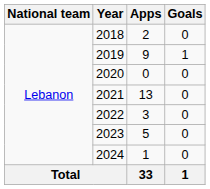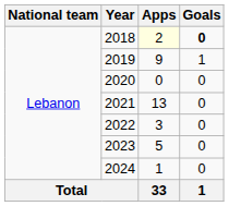 <table class="wikitable" style="text-align:center">
 <tr>
 <th>National team</th>
 <th>Year</th>
 <th>Apps</th>
 <th>Goals</th>
 </tr>
 <tr>
 <td rowspan="7"><a href='#'>Lebanon</a></td>
 <td>2018</td>
-<td>2</td>
-<td>0</td>
+<td style="background: lightyellow;">2</td>
+<td><strong>0</strong></td>
 </tr>
 <tr>
 <td>2019</td>
 <td>9</td>
 <td>1</td>
 </tr>
 <tr>
 <td>2020</td>
 <td>0</td>
 <td>0</td>
 </tr>
 <tr>
 <td>2021</td>
 <td>13</td>
 <td>0</td>
 </tr>
 <tr>
 <td>2022</td>
 <td>3</td>
 <td>0</td>
 </tr>
 <tr>
 <td>2023</td>
 <td>5</td>
 <td>0</td>
 </tr>
 <tr>
 <td>2024</td>
 <td>1</td>
 <td>0</td>
 </tr>
 <tr>
 <th colspan="2">Total</th>
 <th>33</th>
 <th>1</th>
 </tr>
 </table>
